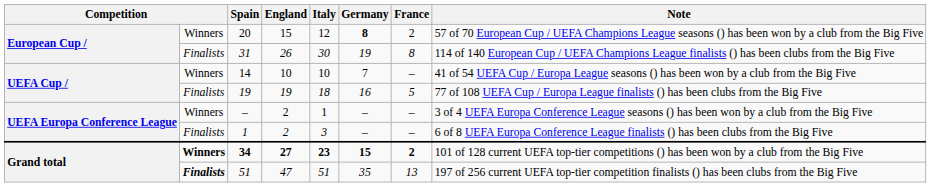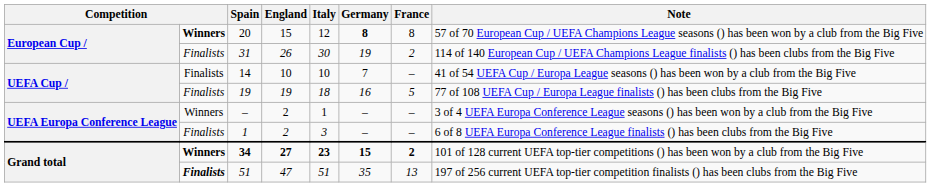 <table class="wikitable" style="text-align:center; font-size:88%;">
 <tr>
 <th colspan="2">Competition</th>
 <th> Spain</th>
 <th> England</th>
 <th> Italy</th>
 <th> Germany</th>
 <th> France</th>
 <th style="min-width:200px;">Note</th>
 </tr>
 <tr>
 <th scope="row" rowspan="2" style="text-align:left;"><a href='#'>European Cup /<br></a></th>
-<td>Winners</td>
+<td><strong>Winners</strong></td>
 <td>20</td>
 <td>15</td>
 <td>12</td>
 <td><strong>8</strong></td>
-<td>2</td>
+<td>8</td>
 <td style="text-align:left;">57 of 70 <a href='#'>European Cup / UEFA Champions League</a> seasons () has been won by a club from the Big Five</td>
 </tr>
 <tr style="font-style:italic;">
 <td>Finalists</td>
 <td>31</td>
 <td>26</td>
 <td>30</td>
 <td>19</td>
-<td>8</td>
+<td>2</td>
 <td style="text-align:left; font-style:normal;">114 of 140 <a href='#'>European Cup / UEFA Champions League finalists</a> () has been clubs from the Big Five</td>
 </tr>
 <tr>
 <th scope="row" rowspan="2" style="text-align:left;"><a href='#'>UEFA Cup /<br></a></th>
-<td>Winners</td>
+<td>Finalists</td>
 <td>14</td>
 <td>10</td>
 <td>10</td>
 <td>7</td>
 <td>–</td>
 <td style="text-align:left;">41 of 54 <a href='#'>UEFA Cup / Europa League</a> seasons () has been won by a club from the Big Five</td>
 </tr>
 <tr style="font-style:italic;">
 <td>Finalists</td>
 <td>19</td>
 <td>19</td>
 <td>18</td>
 <td>16</td>
 <td>5</td>
 <td style="text-align:left; font-style:normal;">77 of 108 <a href='#'>UEFA Cup / Europa League finalists</a> () has been clubs from the Big Five</td>
 </tr>
 <tr>
 <th scope="row" rowspan="2" style="text-align:left;"><a href='#'>UEFA Europa Conference League</a></th>
 <td>Winners</td>
 <td>–</td>
 <td>2</td>
 <td>1</td>
 <td>–</td>
 <td>–</td>
 <td style="text-align:left;">3 of 4 <a href='#'>UEFA Europa Conference League</a> seasons () has been won by a club from the Big Five</td>
 </tr>
 <tr style="font-style:italic;">
 <td>Finalists</td>
 <td>1</td>
 <td>2</td>
 <td>3</td>
 <td>–</td>
 <td>–</td>
 <td style="text-align:left; font-style:normal;">6 of 8 <a href='#'>UEFA Europa Conference League finalists</a> () has been clubs from the Big Five</td>
 </tr>
 <tr style="border-top:2px solid black;">
 <th scope="row" rowspan="2" style="text-align:left;">Grand total</th>
 <td><strong>Winners</strong></td>
 <td><strong>34</strong></td>
 <td><strong>27</strong></td>
 <td><strong>23</strong></td>
 <td><strong>15</strong></td>
 <td><strong>2</strong></td>
 <td style="text-align:left;">101 of 128 current UEFA top-tier competitions () has been won by a club from the Big Five</td>
 </tr>
 <tr style="font-style:italic;">
 <td><strong>Finalists</strong></td>
 <td>51</td>
 <td>47</td>
 <td>51</td>
 <td>35</td>
 <td>13</td>
 <td style="text-align:left; font-style:normal;">197 of 256 current UEFA top-tier competition finalists () has been clubs from the Big Five</td>
 </tr>
 </table>
